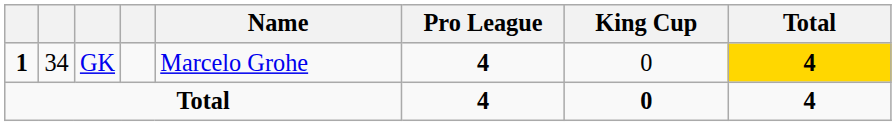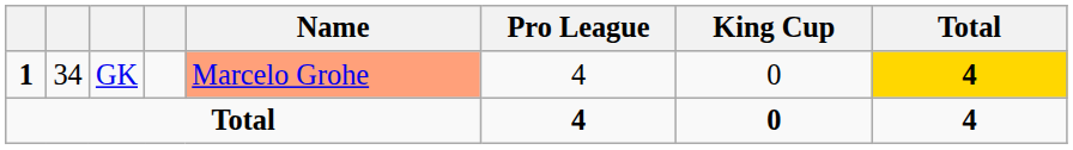 <table class="wikitable" style="text-align:center">
 <tr>
 <th width=15></th>
 <th width=15></th>
 <th width=15></th>
 <th width=15></th>
 <th width=155>Name</th>
 <th width=100>Pro League</th>
 <th width=100>King Cup</th>
 <th width=100>Total</th>
 </tr>
 <tr>
 <td><strong>1</strong></td>
 <td>34</td>
 <td><a href='#'>GK</a></td>
 <td></td>
-<td align=left><a href='#'>Marcelo Grohe</a></td>
-<td><strong>4</strong></td>
+<td align=left style="background: lightsalmon;"><a href='#'>Marcelo Grohe</a></td>
+<td>4</td>
 <td>0</td>
 <td style="background: gold;"><strong>4</strong></td>
 </tr>
 <tr>
 <td colspan=5><strong>Total</strong></td>
 <td><strong>4</strong></td>
 <td><strong>0</strong></td>
 <td><strong>4</strong></td>
 </tr>
 </table>
